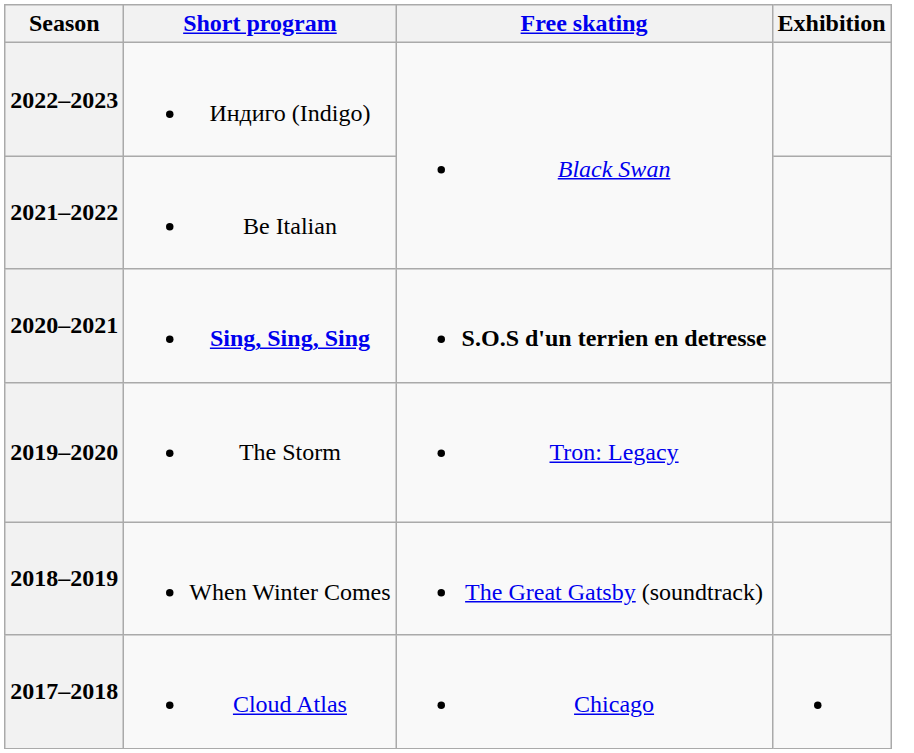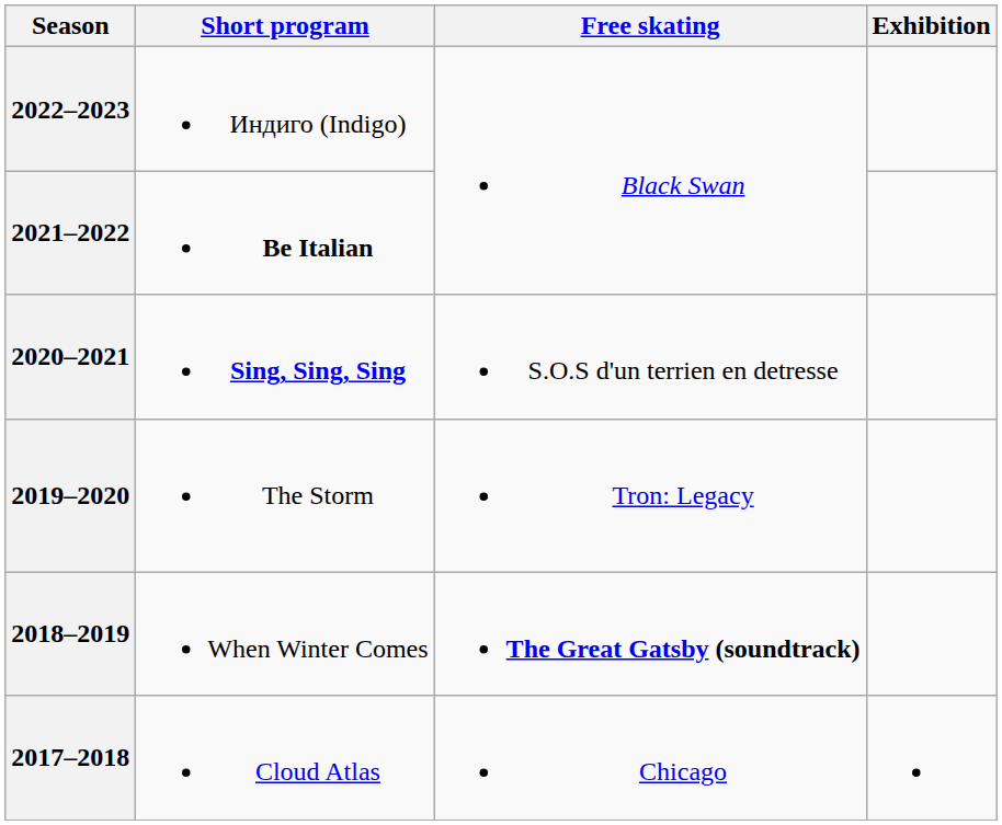 <table class=wikitable style=text-align:center>
 <tr>
 <th>Season</th>
 <th><a href='#'>Short program</a></th>
 <th><a href='#'>Free skating</a></th>
 <th>Exhibition</th>
 </tr>
 <tr>
 <th>2022–2023</th>
 <td><br><ul><li>Индиго (Indigo) <br> </li></ul></td>
 <td rowspan=2><br><ul><li><em><a href='#'>Black Swan</a></em> <br> </li></ul></td>
 </tr>
 <tr>
 <th>2021–2022 <br> </th>
-<td><br><ul><li>Be Italian <br> </li></ul></td>
+<td><strong><br><ul><li>Be Italian <br> </li></ul></strong></td>
 <td></td>
 </tr>
 <tr>
 <th>2020–2021 <br> </th>
 <td><strong><br><ul><li><a href='#'>Sing, Sing, Sing</a> <br></li></ul></strong></td>
-<td><strong><br><ul><li>S.O.S d'un terrien en detresse <br> </li></ul></strong></td>
+<td><br><ul><li>S.O.S d'un terrien en detresse <br> </li></ul></td>
 <td></td>
 </tr>
 <tr>
 <th>2019–2020 <br> </th>
 <td><br><ul><li>The Storm <br> <br></li></ul></td>
 <td><br><ul><li><a href='#'>Tron: Legacy</a> <br> <br></li></ul></td>
 <td></td>
 </tr>
 <tr>
 <th>2018–2019 <br> </th>
 <td><br><ul><li>When Winter Comes <br></li></ul></td>
-<td><br><ul><li><a href='#'>The Great Gatsby</a> (soundtrack)</li></ul></td>
+<td><strong><br><ul><li><a href='#'>The Great Gatsby</a> (soundtrack)</li></ul></strong></td>
 <td></td>
 </tr>
 <tr>
 <th>2017–2018 <br> </th>
 <td><br><ul><li><a href='#'>Cloud Atlas</a> <br></li></ul></td>
 <td><br><ul><li><a href='#'>Chicago</a></li></ul></td>
 <td><br><ul><li></li></ul></td>
 </tr>
 </table>
